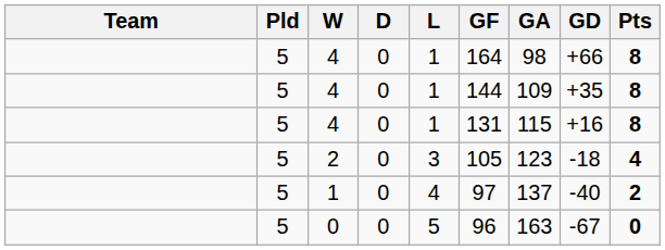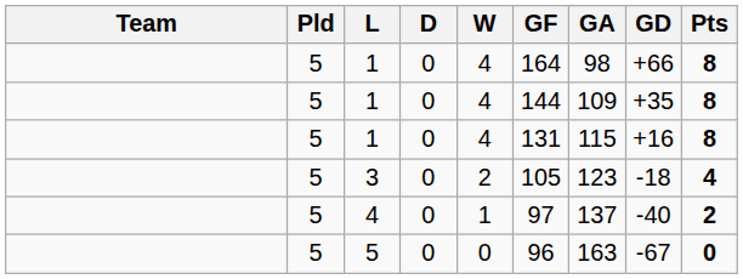 <table class="wikitable" style="text-align: center;">
 <tr>
 <th width="180">Team</th>
 <th width="30">Pld</th>
+<th width="30">L</th>
+<th width="30">D</th>
 <th width="30">W</th>
-<th width="30">D</th>
-<th width="30">L</th>
 <th width="30">GF</th>
 <th width="30">GA</th>
 <th width="30">GD</th>
 <th width="30">Pts</th>
 </tr>
 <tr>
 <td align="left"></td>
 <td>5</td>
+<td>1</td>
+<td>0</td>
 <td>4</td>
-<td>0</td>
-<td>1</td>
 <td>164</td>
 <td>98</td>
 <td>+66</td>
 <td><strong>8</strong></td>
 </tr>
 <tr>
 <td align="left"></td>
 <td>5</td>
+<td>1</td>
+<td>0</td>
 <td>4</td>
-<td>0</td>
-<td>1</td>
 <td>144</td>
 <td>109</td>
 <td>+35</td>
 <td><strong>8</strong></td>
 </tr>
 <tr>
 <td align="left"></td>
 <td>5</td>
+<td>1</td>
+<td>0</td>
 <td>4</td>
-<td>0</td>
-<td>1</td>
 <td>131</td>
 <td>115</td>
 <td>+16</td>
 <td><strong>8</strong></td>
 </tr>
 <tr>
 <td align="left"></td>
 <td>5</td>
+<td>3</td>
+<td>0</td>
 <td>2</td>
-<td>0</td>
-<td>3</td>
 <td>105</td>
 <td>123</td>
 <td>-18</td>
 <td><strong>4</strong></td>
 </tr>
 <tr>
 <td align="left"></td>
 <td>5</td>
+<td>4</td>
+<td>0</td>
 <td>1</td>
-<td>0</td>
-<td>4</td>
 <td>97</td>
 <td>137</td>
 <td>-40</td>
 <td><strong>2</strong></td>
 </tr>
 <tr>
 <td align="left"></td>
 <td>5</td>
+<td>5</td>
 <td>0</td>
 <td>0</td>
-<td>5</td>
 <td>96</td>
 <td>163</td>
 <td>-67</td>
 <td><strong>0</strong></td>
 </tr>
 </table>
